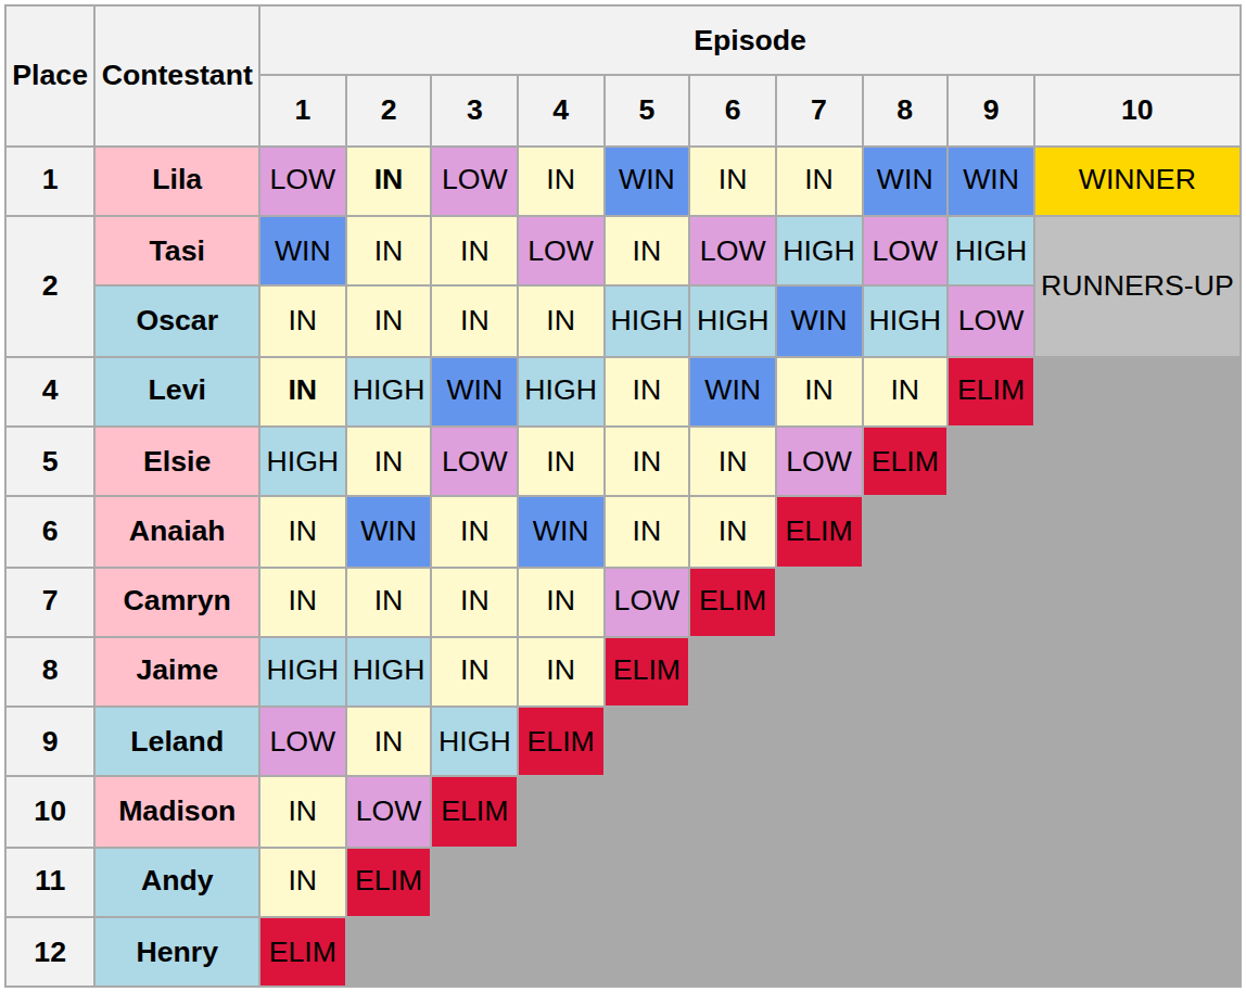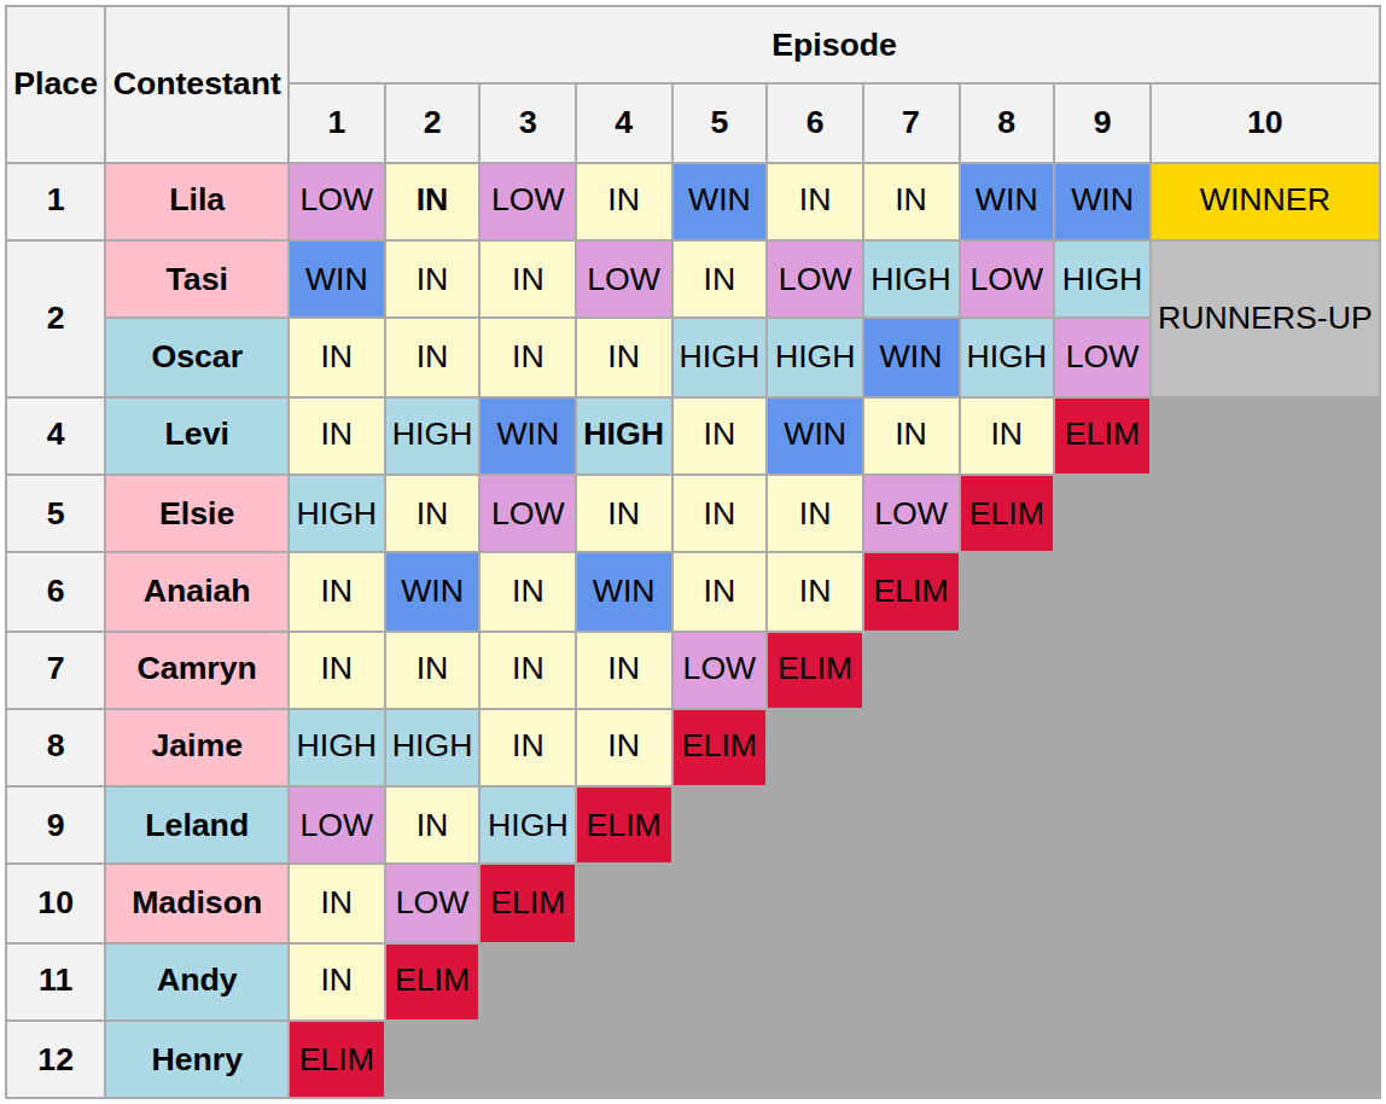 <table class="wikitable" style="text-align: center; font-size: 10pt; line-height:26px;">
 <tr>
 <th rowspan="2">Place</th>
 <th rowspan="2">Contestant</th>
 <th colspan="10">Episode</th>
 </tr>
 <tr>
 <th colspan="1">1</th>
 <th colspan="1">2</th>
 <th colspan="1">3</th>
 <th colspan="1">4</th>
 <th colspan="1">5</th>
 <th colspan="1">6</th>
 <th colspan="1">7</th>
 <th colspan="1">8</th>
 <th colspan="1">9</th>
 <th colspan="1">10</th>
 </tr>
 <tr>
 <th>1</th>
 <th style="background:pink">Lila</th>
 <td style="background:plum">LOW</td>
 <td style="background:lemonchiffon"><strong>IN</strong></td>
 <td style="background:plum">LOW</td>
 <td style="background:lemonchiffon">IN</td>
 <td style="background:cornflowerblue">WIN</td>
 <td style="background:lemonchiffon">IN</td>
 <td style="background:lemonchiffon">IN</td>
 <td style="background:cornflowerblue">WIN</td>
 <td style="background:cornflowerblue">WIN</td>
 <td style="background:gold;">WINNER</td>
 </tr>
 <tr>
 <th rowspan="2">2</th>
 <th style="background:pink">Tasi</th>
 <td style="background:cornflowerblue">WIN</td>
 <td style="background:lemonchiffon">IN</td>
 <td style="background:lemonchiffon">IN</td>
 <td style="background:plum">LOW</td>
 <td style="background:lemonchiffon">IN</td>
 <td style="background:plum">LOW</td>
 <td style="background:lightblue">HIGH</td>
 <td style="background:plum">LOW</td>
 <td style="background:lightblue">HIGH</td>
 <td rowspan="2" style="background:silver;">RUNNERS-UP</td>
 </tr>
 <tr>
 <th style="background:lightblue">Oscar</th>
 <td style="background:lemonchiffon">IN</td>
 <td style="background:lemonchiffon">IN</td>
 <td style="background:lemonchiffon">IN</td>
 <td style="background:lemonchiffon">IN</td>
 <td style="background:lightblue">HIGH</td>
 <td style="background:lightblue">HIGH</td>
 <td style="background:cornflowerblue">WIN</td>
 <td style="background:lightblue">HIGH</td>
 <td style="background:plum">LOW</td>
 </tr>
 <tr>
 <th>4</th>
 <th style="background:lightblue">Levi</th>
-<td style="background:lemonchiffon"><strong>IN</strong></td>
+<td style="background:lemonchiffon">IN</td>
 <td style="background:lightblue">HIGH</td>
 <td style="background:cornflowerblue">WIN</td>
-<td style="background:lightblue">HIGH</td>
+<td style="background:lightblue"><strong>HIGH</strong></td>
 <td style="background:lemonchiffon">IN</td>
 <td style="background:cornflowerblue">WIN</td>
 <td style="background:lemonchiffon">IN</td>
 <td style="background:lemonchiffon">IN</td>
 <td style="background:crimson">ELIM</td>
 <td colspan="1" style="background:darkgrey;"></td>
 </tr>
 <tr>
 <th>5</th>
 <th style="background:pink">Elsie</th>
 <td style="background:lightblue">HIGH</td>
 <td style="background:lemonchiffon">IN</td>
 <td style="background:plum">LOW</td>
 <td style="background:lemonchiffon">IN</td>
 <td style="background:lemonchiffon">IN</td>
 <td style="background:lemonchiffon">IN</td>
 <td style="background:plum">LOW</td>
 <td style="background:crimson">ELIM</td>
 <td colspan="2" style="background:darkgrey;"></td>
 </tr>
 <tr>
 <th>6</th>
 <th style="background:pink">Anaiah</th>
 <td style="background:lemonchiffon">IN</td>
 <td style="background:cornflowerblue">WIN</td>
 <td style="background:lemonchiffon">IN</td>
 <td style="background:cornflowerblue">WIN</td>
 <td style="background:lemonchiffon">IN</td>
 <td style="background:lemonchiffon">IN</td>
 <td style="background:crimson">ELIM</td>
 <td colspan="3" style="background:darkgrey;"></td>
 </tr>
 <tr>
 <th>7</th>
 <th style="background:pink">Camryn</th>
 <td style="background:lemonchiffon">IN</td>
 <td style="background:lemonchiffon">IN</td>
 <td style="background:lemonchiffon">IN</td>
 <td style="background:lemonchiffon">IN</td>
 <td style="background:plum">LOW</td>
 <td style="background:crimson">ELIM</td>
 <td colspan="4" style="background:darkgrey;"></td>
 </tr>
 <tr>
 <th>8</th>
 <th style="background:pink">Jaime</th>
 <td style="background:lightblue">HIGH</td>
 <td style="background:lightblue">HIGH</td>
 <td style="background:lemonchiffon">IN</td>
 <td style="background:lemonchiffon">IN</td>
 <td style="background:crimson">ELIM</td>
 <td colspan="5" style="background:darkgrey;"></td>
 </tr>
 <tr>
 <th>9</th>
 <th style="background:lightblue">Leland</th>
 <td style="background:plum">LOW</td>
 <td style="background:lemonchiffon">IN</td>
 <td style="background:lightblue">HIGH</td>
 <td style="background:crimson">ELIM</td>
 <td colspan="6" style="background:darkgrey;"></td>
 </tr>
 <tr>
 <th>10</th>
 <th style="background:pink">Madison</th>
 <td style="background:lemonchiffon">IN</td>
 <td style="background:plum">LOW</td>
 <td style="background:crimson">ELIM</td>
 <td colspan="7" style="background:darkgrey;"></td>
 </tr>
 <tr>
 <th>11</th>
 <th style="background:lightblue">Andy</th>
 <td style="background:lemonchiffon">IN</td>
 <td style="background:crimson">ELIM</td>
 <td colspan="8" style="background:darkgrey;"></td>
 </tr>
 <tr>
 <th>12</th>
 <th style="background:lightblue">Henry</th>
 <td style="background:crimson">ELIM</td>
 <td colspan="9" style="background:darkgrey;"></td>
 </tr>
 </table>
